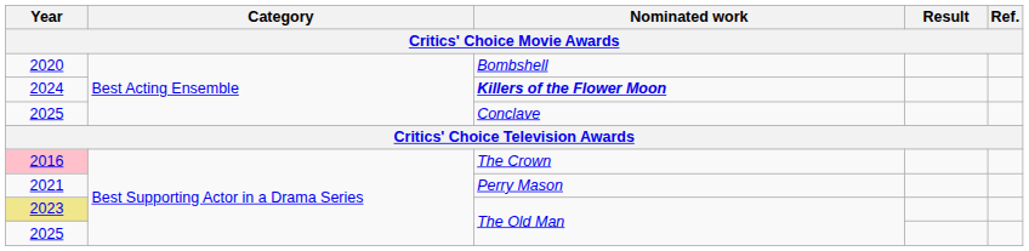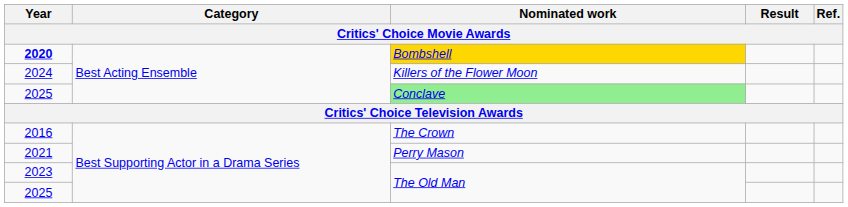 <table class=wikitable>
 <tr>
 <th scope="col" style="width:5em;">Year</th>
 <th scope="col" style="width:25em;">Category</th>
 <th scope="col" style="width:28em;">Nominated work</th>
 <th scope="col" style="width:5em;">Result</th>
 <th>Ref.</th>
 </tr>
 <tr>
 <th colspan=5><a href='#'>Critics' Choice Movie Awards</a></th>
 </tr>
 <tr>
-<td style="text-align:center;"><a href='#'>2020</a></td>
+<td style="text-align:center;"><strong><a href='#'>2020</a></strong></td>
 <td rowspan=3><a href='#'>Best Acting Ensemble</a></td>
-<td><em><a href='#'>Bombshell</a></em></td>
+<td style="background: gold;"><em><a href='#'>Bombshell</a></em></td>
 <td></td>
 <td style="text-align:center;"></td>
 </tr>
 <tr>
 <td style="text-align:center;"><a href='#'>2024</a></td>
-<td><strong><em><a href='#'>Killers of the Flower Moon</a></em></strong></td>
+<td><em><a href='#'>Killers of the Flower Moon</a></em></td>
 <td></td>
 <td style="text-align:center;"></td>
 </tr>
 <tr>
 <td style="text-align:center;"><a href='#'>2025</a></td>
-<td><em><a href='#'>Conclave</a></em></td>
+<td style="background: lightgreen;"><em><a href='#'>Conclave</a></em></td>
 <td></td>
 <td style="text-align:center;"></td>
 </tr>
 <tr>
 <th colspan=5><a href='#'>Critics' Choice Television Awards</a></th>
 </tr>
 <tr>
-<td style="background: pink; text-align:center;"><a href='#'>2016</a></td>
+<td style="text-align:center;"><a href='#'>2016</a></td>
 <td rowspan=4><a href='#'>Best Supporting Actor in a Drama Series</a></td>
 <td><em><a href='#'>The Crown</a></em></td>
 <td></td>
 <td style="text-align:center;"></td>
 </tr>
 <tr>
 <td style="text-align:center;"><a href='#'>2021</a></td>
 <td><em><a href='#'>Perry Mason</a></em></td>
 <td></td>
 <td style="text-align:center;"></td>
 </tr>
 <tr>
-<td style="background: khaki; text-align:center;"><a href='#'>2023</a></td>
+<td style="text-align:center;"><a href='#'>2023</a></td>
 <td rowspan=2><em><a href='#'>The Old Man</a></em></td>
 <td></td>
 <td style="text-align:center;"></td>
 </tr>
 <tr>
 <td style="text-align:center;"><a href='#'>2025</a></td>
 <td></td>
 <td style="text-align:center;"></td>
 </tr>
 </table>
